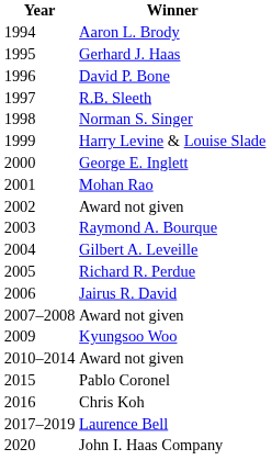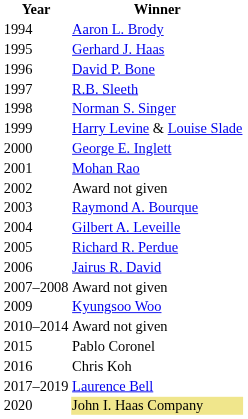 <table>
 <tr>
 <th>Year</th>
 <th>Winner</th>
 </tr>
 <tr>
 <td>1994</td>
 <td><a href='#'>Aaron L. Brody</a></td>
 </tr>
 <tr>
 <td>1995</td>
 <td><a href='#'>Gerhard J. Haas</a></td>
 </tr>
 <tr>
 <td>1996</td>
 <td><a href='#'>David P. Bone</a></td>
 </tr>
 <tr>
 <td>1997</td>
 <td><a href='#'>R.B. Sleeth</a></td>
 </tr>
 <tr>
 <td>1998</td>
 <td><a href='#'>Norman S. Singer</a></td>
 </tr>
 <tr>
 <td>1999</td>
 <td><a href='#'>Harry Levine</a> & <a href='#'>Louise Slade</a></td>
 </tr>
 <tr>
 <td>2000</td>
 <td><a href='#'>George E. Inglett</a></td>
 </tr>
 <tr>
 <td>2001</td>
 <td><a href='#'>Mohan Rao</a></td>
 </tr>
 <tr>
 <td>2002</td>
 <td>Award not given</td>
 </tr>
 <tr>
 <td>2003</td>
 <td><a href='#'>Raymond A. Bourque</a></td>
 </tr>
 <tr>
 <td>2004</td>
 <td><a href='#'>Gilbert A. Leveille</a></td>
 </tr>
 <tr>
 <td>2005</td>
 <td><a href='#'>Richard R. Perdue</a></td>
 </tr>
 <tr>
 <td>2006</td>
 <td><a href='#'>Jairus R. David</a></td>
 </tr>
 <tr>
 <td>2007–2008</td>
 <td>Award not given</td>
 </tr>
 <tr>
 <td>2009</td>
 <td><a href='#'>Kyungsoo Woo</a></td>
 </tr>
 <tr>
 <td>2010–2014</td>
 <td>Award not given</td>
 </tr>
 <tr>
 <td>2015</td>
 <td>Pablo Coronel</td>
 </tr>
 <tr>
 <td>2016</td>
 <td>Chris Koh</td>
 </tr>
 <tr>
 <td>2017–2019</td>
 <td><a href='#'>Laurence Bell</a></td>
 </tr>
 <tr>
 <td>2020</td>
-<td>John I. Haas Company</td>
+<td style="background: khaki;">John I. Haas Company</td>
 </tr>
 </table>
